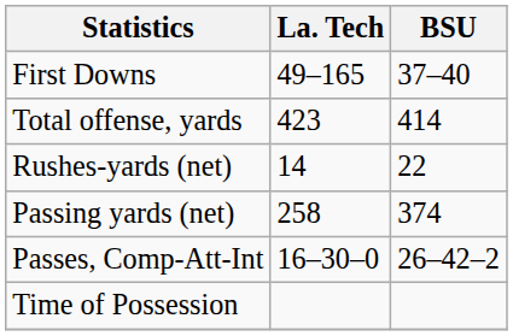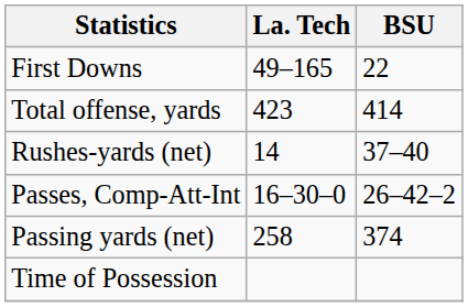 <table class="wikitable">
 <tr>
 <th>Statistics</th>
 <th>La. Tech</th>
 <th>BSU</th>
 </tr>
 <tr>
 <td>First Downs</td>
 <td>49–165</td>
-<td>37–40</td>
+<td>22</td>
 </tr>
 <tr>
 <td>Total offense, yards</td>
 <td>423</td>
 <td>414</td>
 </tr>
 <tr>
 <td>Rushes-yards (net)</td>
 <td>14</td>
-<td>22</td>
+<td>37–40</td>
+</tr>
+<tr>
+<td>Passes, Comp-Att-Int</td>
+<td>16–30–0</td>
+<td>26–42–2</td>
 </tr>
 <tr>
 <td>Passing yards (net)</td>
 <td>258</td>
 <td>374</td>
-</tr>
-<tr>
-<td>Passes, Comp-Att-Int</td>
-<td>16–30–0</td>
-<td>26–42–2</td>
 </tr>
 <tr>
 <td>Time of Possession</td>
 <td></td>
 <td></td>
 </tr>
 <tr>
 </tr>
 </table>
